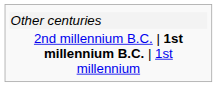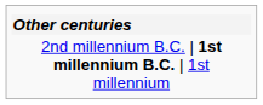 <table class="infobox" width=250>
 <tr>
 <td></td>
 </tr>
 <tr style="background-color:#f3f3f3">
-<td><em>Other centuries</em></td>
+<td><strong><em>Other centuries</em></strong></td>
 </tr>
 <tr>
 <td align="center"><a href='#'>2nd millennium B.C.</a> | <strong>1st millennium B.C.</strong> | <a href='#'>1st millennium</a></td>
 </tr>
 </table>
